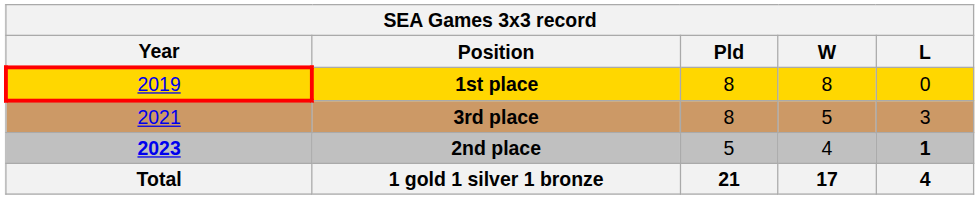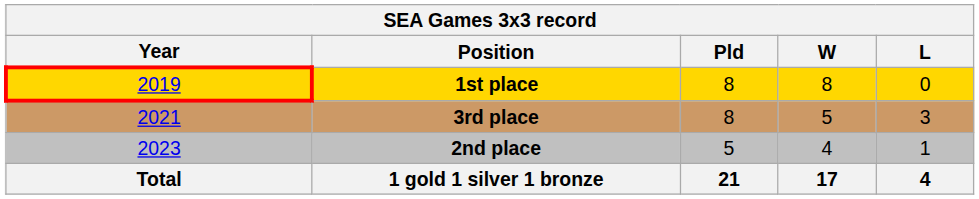 <table class="wikitable collapsible autocollapse" style="text-align: center; font-size:95%;" width=60%>
 <tr>
 <th colspan=9>SEA Games 3x3 record</th>
 </tr>
 <tr>
 <th width=25%>Year</th>
 <th width=30%>Position</th>
 <th width=8%>Pld</th>
 <th width=8%>W</th>
 <th width=8%>L</th>
 </tr>
 <tr bgcolor=gold>
 <td style="border: 3px solid red"> <a href='#'>2019</a></td>
 <td><strong>1st place</strong></td>
 <td>8</td>
 <td>8</td>
 <td>0</td>
 </tr>
 <tr bgcolor=#cc9966>
 <td> <a href='#'>2021</a></td>
 <td><strong>3rd place</strong></td>
 <td>8</td>
 <td>5</td>
 <td>3</td>
 </tr>
 <tr bgcolor=silver>
-<td><strong> <a href='#'>2023</a></strong></td>
+<td> <a href='#'>2023</a></td>
 <td><strong>2nd place</strong></td>
 <td>5</td>
 <td>4</td>
-<td><strong>1</strong></td>
+<td>1</td>
 </tr>
 <tr>
 <th><strong>Total</strong></th>
 <th>1 gold 1 silver 1 bronze</th>
 <th>21</th>
 <th>17</th>
 <th>4</th>
 </tr>
 </table>
